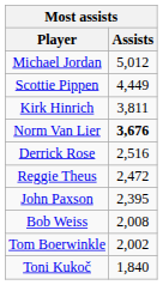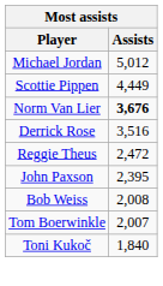 <table class="wikitable sortable" style="text-align:center">
 <tr>
 <th colspan="2" style="text-align:center; ">Most assists</th>
 </tr>
 <tr>
 <th style="text-align:center; ">Player</th>
 <th style="text-align:center; ">Assists</th>
 </tr>
 <tr>
 <td><a href='#'>Michael Jordan</a></td>
 <td>5,012</td>
 </tr>
 <tr>
 <td><a href='#'>Scottie Pippen</a></td>
 <td>4,449</td>
 </tr>
 <tr>
-<td><a href='#'>Kirk Hinrich</a></td>
-<td>3,811</td>
-</tr>
-<tr>
 <td><a href='#'>Norm Van Lier</a></td>
 <td><strong>3,676</strong></td>
 </tr>
 <tr>
 <td><a href='#'>Derrick Rose</a></td>
-<td>2,516</td>
+<td>3,516</td>
 </tr>
 <tr>
 <td><a href='#'>Reggie Theus</a></td>
 <td>2,472</td>
 </tr>
 <tr>
 <td><a href='#'>John Paxson</a></td>
 <td>2,395</td>
 </tr>
 <tr>
 <td><a href='#'>Bob Weiss</a></td>
 <td>2,008</td>
 </tr>
 <tr>
 <td><a href='#'>Tom Boerwinkle</a></td>
-<td>2,002</td>
+<td>2,007</td>
 </tr>
 <tr>
 <td><a href='#'>Toni Kukoč</a></td>
 <td>1,840</td>
 </tr>
 </table>
